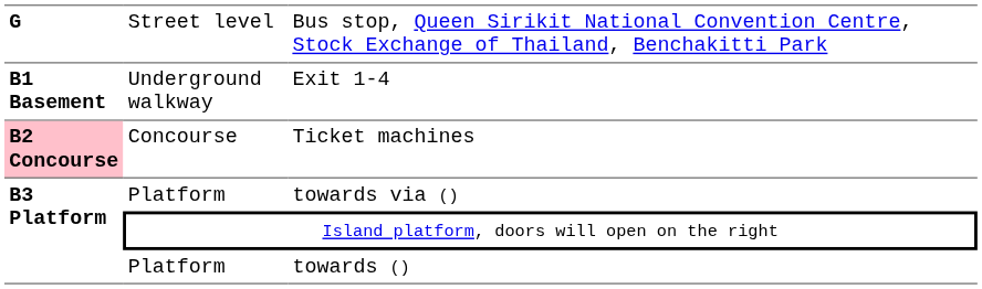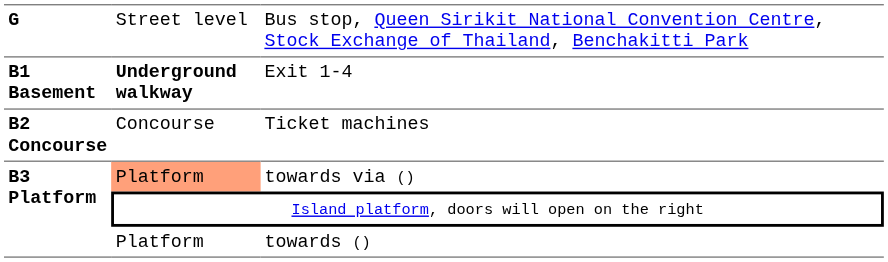 <table table border=0 cellspacing=0 cellpadding=3>
 <tr>
 <td style = "border-top:solid 1px gray;border-bottom:solid 1px gray;" valign=top><strong>G</strong></td>
 <td style = "border-top:solid 1px gray;border-bottom:solid 1px gray;" valign=top>Street level</td>
 <td style = "border-top:solid 1px gray;border-bottom:solid 1px gray;" valign=top>Bus stop, <a href='#'>Queen Sirikit National Convention Centre</a>, <a href='#'>Stock Exchange of Thailand</a>, <a href='#'>Benchakitti Park</a></td>
 </tr>
 <tr>
 <td style = "border-bottom:solid 1px gray;" rowspan=1 valign=top><strong>B1<br>Basement<br></strong></td>
-<td style = "border-bottom:solid 1px gray;" valign=top>Underground walkway</td>
+<td style = "border-bottom:solid 1px gray;" valign=top><strong>Underground walkway</strong></td>
 <td style = "border-bottom:solid 1px gray;" valign=top>Exit 1-4</td>
 </tr>
 <tr>
-<td style = "background: pink; border-bottom:solid 1px gray;" rowspan=1 valign=top><strong>B2<br>Concourse<br></strong></td>
+<td style = "border-bottom:solid 1px gray;" rowspan=1 valign=top><strong>B2<br>Concourse<br></strong></td>
 <td style = "border-bottom:solid 1px gray;" valign=top>Concourse</td>
 <td style = "border-bottom:solid 1px gray;" valign=top>Ticket machines</td>
 </tr>
 <tr>
 <td style="border-bottom:solid 1px gray;" rowspan=3 valign=top width=50><strong>B3<br>Platform<br></strong></td>
-<td width=100>Platform </td>
+<td width=100 style="background: lightsalmon;">Platform </td>
 <td width=450> towards  via  <small>()</small></td>
 </tr>
 <tr>
 <td style = "border-top:solid 2px black;border-right:solid 2px black;border-left:solid 2px black;border-bottom:solid 2px black; text-align:center;" colspan=2><small><a href='#'>Island platform</a>, doors will open on the right</small></td>
 </tr>
 <tr>
 <td style="border-bottom:solid 1px gray;" width=100>Platform </td>
 <td style="border-bottom:solid 1px gray;" width=450> towards  <small>()</small></td>
 </tr>
 </table>
